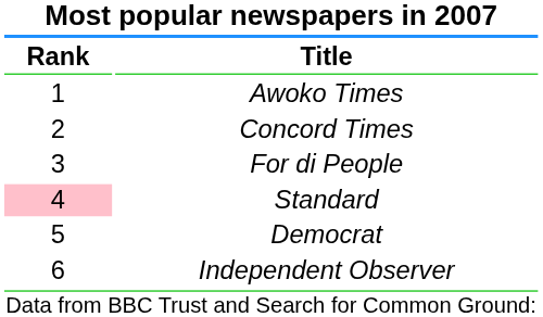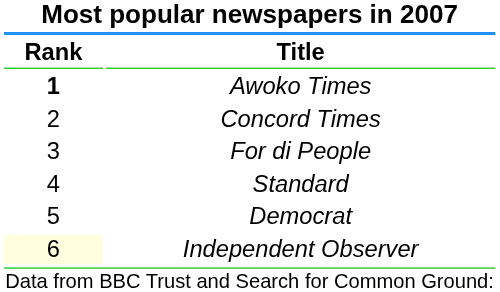 <table class="toccolours" style="float:right; clear:right; text-align:center; margin-left:1em">
 <tr>
 <th colspan=4 style="border-bottom:#1e90ff 2px solid; font-size:110%; text-align:center">Most popular newspapers in 2007</th>
 </tr>
 <tr>
 <th style="border-bottom:1px solid Limegreen">Rank</th>
 <th style="border-bottom:1px solid Limegreen;">Title</th>
 </tr>
 <tr>
-<td>1</td>
+<td><strong>1</strong></td>
 <td><em>Awoko Times</em></td>
 </tr>
 <tr>
 <td>2</td>
 <td><em>Concord Times</em></td>
 </tr>
 <tr>
 <td>3</td>
 <td><em>For di People</em></td>
 </tr>
 <tr>
-<td style="background: pink;">4</td>
+<td>4</td>
 <td><em>Standard</em></td>
 </tr>
 <tr>
 <td>5</td>
 <td><em>Democrat</em></td>
 </tr>
 <tr>
-<td>6</td>
+<td style="background: lightyellow;">6</td>
 <td><em>Independent Observer</em></td>
 </tr>
 <tr>
 <td colspan=4 style="border-top:1px solid Limegreen; font-size:85%;">Data from BBC Trust and Search for Common Ground:</td>
 </tr>
 <tr>
 </tr>
 </table>
